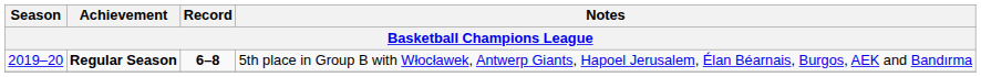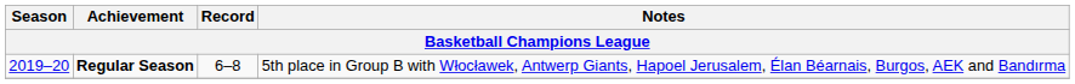 <table class="wikitable">
 <tr>
 <th>Season</th>
 <th>Achievement</th>
 <th>Record</th>
 <th>Notes</th>
 </tr>
 <tr>
 <th colspan=4><a href='#'>Basketball Champions League</a></th>
 </tr>
 <tr>
 <td align="center"><a href='#'>2019–20</a></td>
 <td align="center"><strong>Regular Season</strong></td>
-<td align="center"><strong>6–8</strong></td>
+<td align="center">6–8</td>
 <td align="left">5th place in Group B with <a href='#'>Włocławek</a>, <a href='#'>Antwerp Giants</a>, <a href='#'>Hapoel Jerusalem</a>, <a href='#'>Élan Béarnais</a>, <a href='#'>Burgos</a>, <a href='#'>AEK</a> and <a href='#'>Bandırma</a></td>
 </tr>
 <tr>
 </tr>
 </table>
